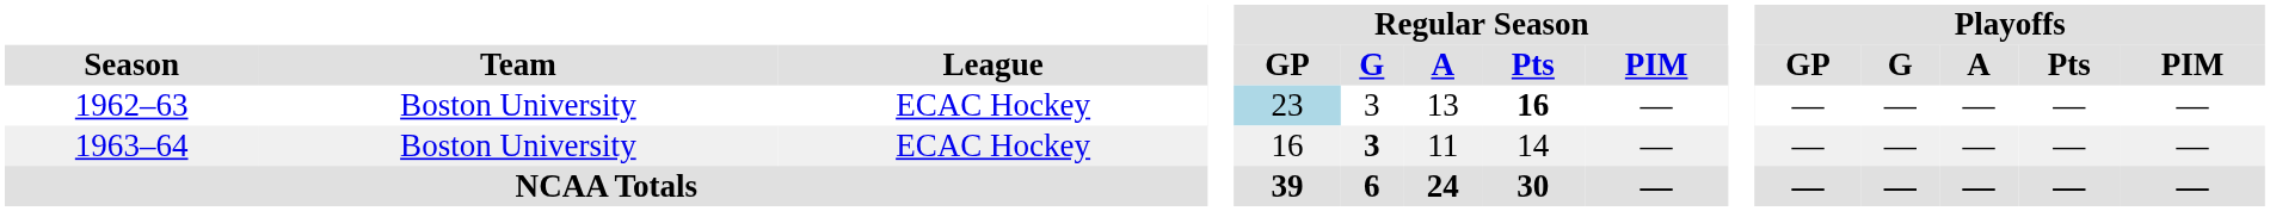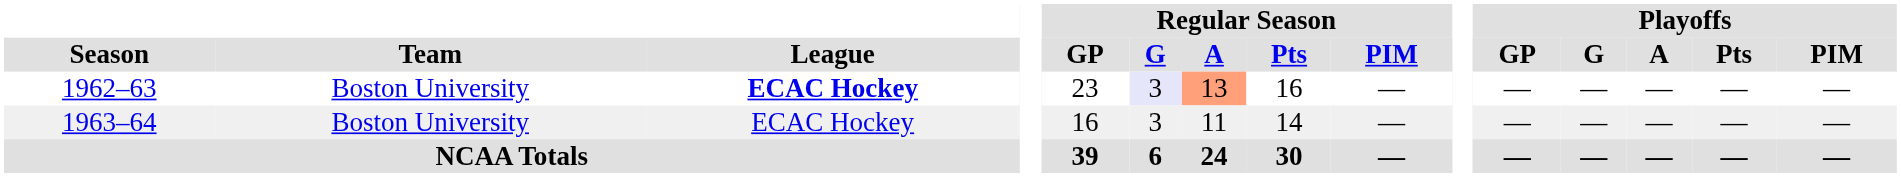 <table border="0" cellpadding="1" cellspacing="0" style="text-align:center; width:70em">
 <tr bgcolor="#e0e0e0">
 <th colspan="3"  bgcolor="#ffffff"> </th>
 <th rowspan="99" bgcolor="#ffffff"> </th>
 <th colspan="5">Regular Season</th>
 <th rowspan="99" bgcolor="#ffffff"> </th>
 <th colspan="5">Playoffs</th>
 </tr>
 <tr bgcolor="#e0e0e0">
 <th>Season</th>
 <th>Team</th>
 <th>League</th>
 <th>GP</th>
 <th><a href='#'>G</a></th>
 <th><a href='#'>A</a></th>
 <th><a href='#'>Pts</a></th>
 <th><a href='#'>PIM</a></th>
 <th>GP</th>
 <th>G</th>
 <th>A</th>
 <th>Pts</th>
 <th>PIM</th>
 </tr>
 <tr>
 <td><a href='#'>1962–63</a></td>
 <td><a href='#'>Boston University</a></td>
-<td><a href='#'>ECAC Hockey</a></td>
-<td style="background: lightblue;">23</td>
-<td>3</td>
-<td>13</td>
-<td><strong>16</strong></td>
+<td><strong><a href='#'>ECAC Hockey</a></strong></td>
+<td>23</td>
+<td style="background: lavender;">3</td>
+<td style="background: lightsalmon;">13</td>
+<td>16</td>
 <td>—</td>
 <td>—</td>
 <td>—</td>
 <td>—</td>
 <td>—</td>
 <td>—</td>
 </tr>
 <tr bgcolor=f0f0f0>
 <td><a href='#'>1963–64</a></td>
 <td><a href='#'>Boston University</a></td>
 <td><a href='#'>ECAC Hockey</a></td>
 <td>16</td>
-<td><strong>3</strong></td>
+<td>3</td>
 <td>11</td>
 <td>14</td>
 <td>—</td>
 <td>—</td>
 <td>—</td>
 <td>—</td>
 <td>—</td>
 <td>—</td>
 </tr>
 <tr bgcolor="#e0e0e0">
 <th colspan="3">NCAA Totals</th>
 <th>39</th>
 <th>6</th>
 <th>24</th>
 <th>30</th>
 <th>—</th>
 <th>—</th>
 <th>—</th>
 <th>—</th>
 <th>—</th>
 <th>—</th>
 </tr>
 </table>
